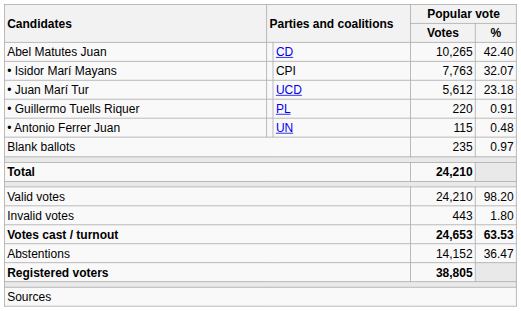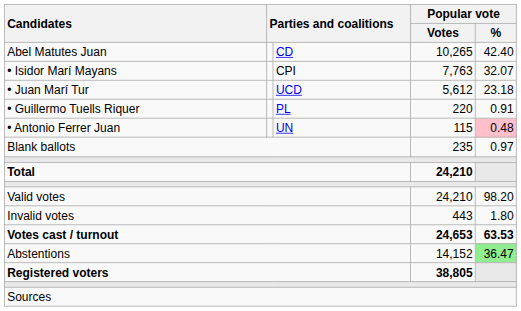 <table class="wikitable" style="text-align:right; font-size:95%;">
 <tr>
 <th style="text-align:left;" rowspan="2" width="325">Candidates</th>
 <th style="text-align:left;" rowspan="2" colspan="2" width="175">Parties and coalitions</th>
 <th colspan="2">Popular vote</th>
 </tr>
 <tr>
 <th width="75">Votes</th>
 <th width="45">%</th>
 </tr>
 <tr>
 <td align="left"> Abel Matutes Juan</td>
 <td width="1" style="color:inherit;background:"></td>
 <td align="left"><a href='#'>CD</a></td>
 <td>10,265</td>
 <td>42.40</td>
 </tr>
 <tr>
 <td align="left">• Isidor Marí Mayans</td>
 <td style="color:inherit;background:"></td>
 <td align="left">CPI</td>
 <td>7,763</td>
 <td>32.07</td>
 </tr>
 <tr>
 <td align="left">• Juan Marí Tur</td>
 <td style="color:inherit;background:"></td>
 <td align="left"><a href='#'>UCD</a></td>
 <td>5,612</td>
 <td>23.18</td>
 </tr>
 <tr>
 <td align="left">• Guillermo Tuells Riquer</td>
 <td style="color:inherit;background:"></td>
 <td align="left"><a href='#'>PL</a></td>
 <td>220</td>
 <td>0.91</td>
 </tr>
 <tr>
 <td align="left">• Antonio Ferrer Juan</td>
 <td style="color:inherit;background:"></td>
 <td align="left"><a href='#'>UN</a></td>
 <td>115</td>
-<td>0.48</td>
+<td style="background: pink;">0.48</td>
 </tr>
 <tr>
 <td align="left" colspan="3">Blank ballots</td>
 <td>235</td>
 <td>0.97</td>
 </tr>
 <tr>
 <td colspan="5" bgcolor="#E9E9E9"></td>
 </tr>
 <tr style="font-weight:bold;">
 <td align="left" colspan="3">Total</td>
 <td>24,210</td>
 <td bgcolor="#E9E9E9"></td>
 </tr>
 <tr>
 <td colspan="5" bgcolor="#E9E9E9"></td>
 </tr>
 <tr>
 <td align="left" colspan="3">Valid votes</td>
 <td>24,210</td>
 <td>98.20</td>
 </tr>
 <tr>
 <td align="left" colspan="3">Invalid votes</td>
 <td>443</td>
 <td>1.80</td>
 </tr>
 <tr style="font-weight:bold;">
 <td align="left" colspan="3">Votes cast / turnout</td>
 <td>24,653</td>
 <td>63.53</td>
 </tr>
 <tr>
 <td align="left" colspan="3">Abstentions</td>
 <td>14,152</td>
-<td>36.47</td>
+<td style="background: lightgreen;">36.47</td>
 </tr>
 <tr style="font-weight:bold;">
 <td align="left" colspan="3">Registered voters</td>
 <td>38,805</td>
 <td bgcolor="#E9E9E9"></td>
 </tr>
 <tr>
 <td colspan="5" bgcolor="#E9E9E9"></td>
 </tr>
 <tr>
 <td align="left" colspan="5">Sources</td>
 </tr>
 </table>
